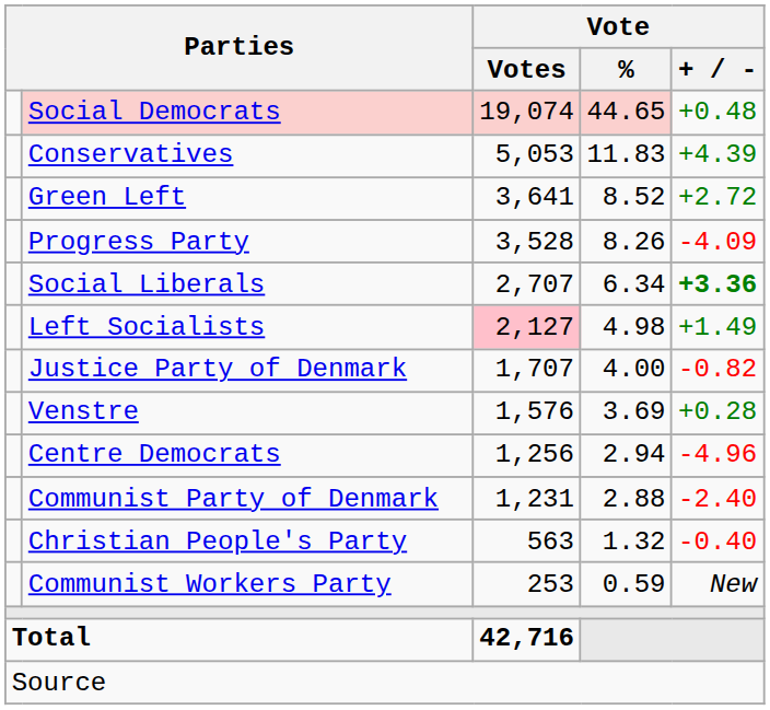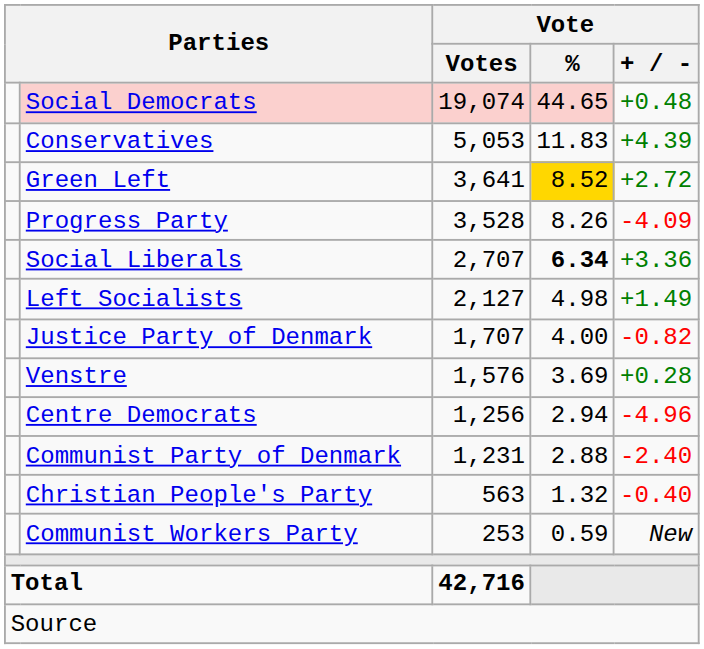 <table class="wikitable" style="text-align:right;">
 <tr>
 <th style="text-align:centre;" rowspan="2" colspan="2" width="225">Parties</th>
 <th colspan="3">Vote</th>
 </tr>
 <tr>
 <th width="15">Votes</th>
 <th width="15">%</th>
 <th width="15">+ / -</th>
 </tr>
 <tr>
 <td width="2" style="color:inherit;background:"></td>
 <td bgcolor=#fbd0ce  align="left"><a href='#'>Social Democrats</a></td>
 <td bgcolor=#fbd0ce>19,074</td>
 <td bgcolor=#fbd0ce>44.65</td>
 <td style=color:green;>+0.48</td>
 </tr>
 <tr>
 <td width="2" style="color:inherit;background:"></td>
 <td align="left"><a href='#'>Conservatives</a></td>
 <td>5,053</td>
 <td>11.83</td>
 <td style=color:green;>+4.39</td>
 </tr>
 <tr>
 <td width="2" style="color:inherit;background:"></td>
 <td align="left"><a href='#'>Green Left</a></td>
 <td>3,641</td>
-<td>8.52</td>
+<td style="background: gold;">8.52</td>
 <td style=color:green;>+2.72</td>
 </tr>
 <tr>
 <td width="2" style="color:inherit;background:"></td>
 <td align="left"><a href='#'>Progress Party</a></td>
 <td>3,528</td>
 <td>8.26</td>
 <td style=color:red;>-4.09</td>
 </tr>
 <tr>
 <td width="2" style="color:inherit;background:"></td>
 <td align="left"><a href='#'>Social Liberals</a></td>
 <td>2,707</td>
-<td>6.34</td>
-<td style=color:green;><strong>+3.36</strong></td>
+<td><strong>6.34</strong></td>
+<td style=color:green;>+3.36</td>
 </tr>
 <tr>
 <td width="2" style="color:inherit;background:"></td>
 <td align="left"><a href='#'>Left Socialists</a></td>
-<td style="background: pink;">2,127</td>
+<td>2,127</td>
 <td>4.98</td>
 <td style=color:green;>+1.49</td>
 </tr>
 <tr>
 <td width="2" style="color:inherit;background:"></td>
 <td align="left"><a href='#'>Justice Party of Denmark</a></td>
 <td>1,707</td>
 <td>4.00</td>
 <td style=color:red;>-0.82</td>
 </tr>
 <tr>
 <td width="2" style="color:inherit;background:"></td>
 <td align="left"><a href='#'>Venstre</a></td>
 <td>1,576</td>
 <td>3.69</td>
 <td style=color:green;>+0.28</td>
 </tr>
 <tr>
 <td width="2" style="color:inherit;background:"></td>
 <td align="left"><a href='#'>Centre Democrats</a></td>
 <td>1,256</td>
 <td>2.94</td>
 <td style=color:red;>-4.96</td>
 </tr>
 <tr>
 <td width="2" style="color:inherit;background:"></td>
 <td align="left"><a href='#'>Communist Party of Denmark</a></td>
 <td>1,231</td>
 <td>2.88</td>
 <td style=color:red;>-2.40</td>
 </tr>
 <tr>
 <td width="2" style="color:inherit;background:"></td>
 <td align="left"><a href='#'>Christian People's Party</a></td>
 <td>563</td>
 <td>1.32</td>
 <td style=color:red;>-0.40</td>
 </tr>
 <tr>
 <td width="2" style="color:inherit;background:"></td>
 <td align="left"><a href='#'>Communist Workers Party</a></td>
 <td>253</td>
 <td>0.59</td>
 <td><em>New</em></td>
 </tr>
 <tr>
 <td colspan="7" bgcolor="#E9E9E9"></td>
 </tr>
 <tr>
 <td align="left" colspan="2"><strong>Total</strong></td>
 <td><strong>42,716</strong></td>
 <td bgcolor="#E9E9E9" colspan="2"></td>
 </tr>
 <tr>
 <td align="left" colspan="6">Source</td>
 </tr>
 </table>
